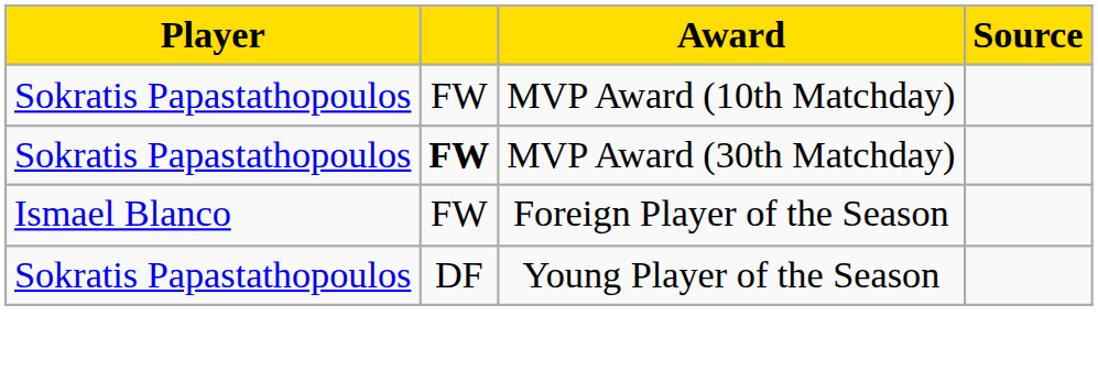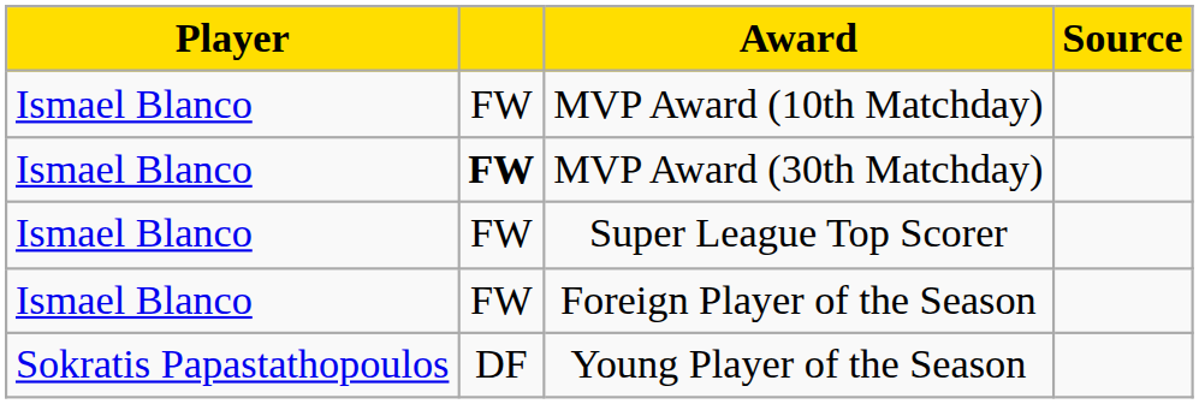 <table class="wikitable">
 <tr>
 <th style="background:#FFDE00">Player</th>
 <th style="background:#FFDE00"></th>
 <th style="background:#FFDE00">Award</th>
 <th style="background:#FFDE00">Source</th>
 </tr>
 <tr>
-<td> <a href='#'>Sokratis Papastathopoulos</a></td>
+<td> <a href='#'>Ismael Blanco</a></td>
 <td align="center">FW</td>
 <td align="center">MVP Award (10th Matchday)</td>
 <td align="center"></td>
 </tr>
 <tr>
-<td> <a href='#'>Sokratis Papastathopoulos</a></td>
+<td> <a href='#'>Ismael Blanco</a></td>
 <td align="center"><strong>FW</strong></td>
 <td align="center">MVP Award (30th Matchday)</td>
+<td align="center"></td>
+</tr>
+<tr>
+<td> <a href='#'>Ismael Blanco</a></td>
+<td align="center">FW</td>
+<td align="center">Super League Top Scorer</td>
 <td align="center"></td>
 </tr>
 <tr>
 <td> <a href='#'>Ismael Blanco</a></td>
 <td align="center">FW</td>
 <td align="center">Foreign Player of the Season</td>
 <td align="center"></td>
 </tr>
 <tr>
 <td> <a href='#'>Sokratis Papastathopoulos</a></td>
 <td align="center">DF</td>
 <td align="center">Young Player of the Season</td>
 <td align="center"></td>
 </tr>
 </table>
